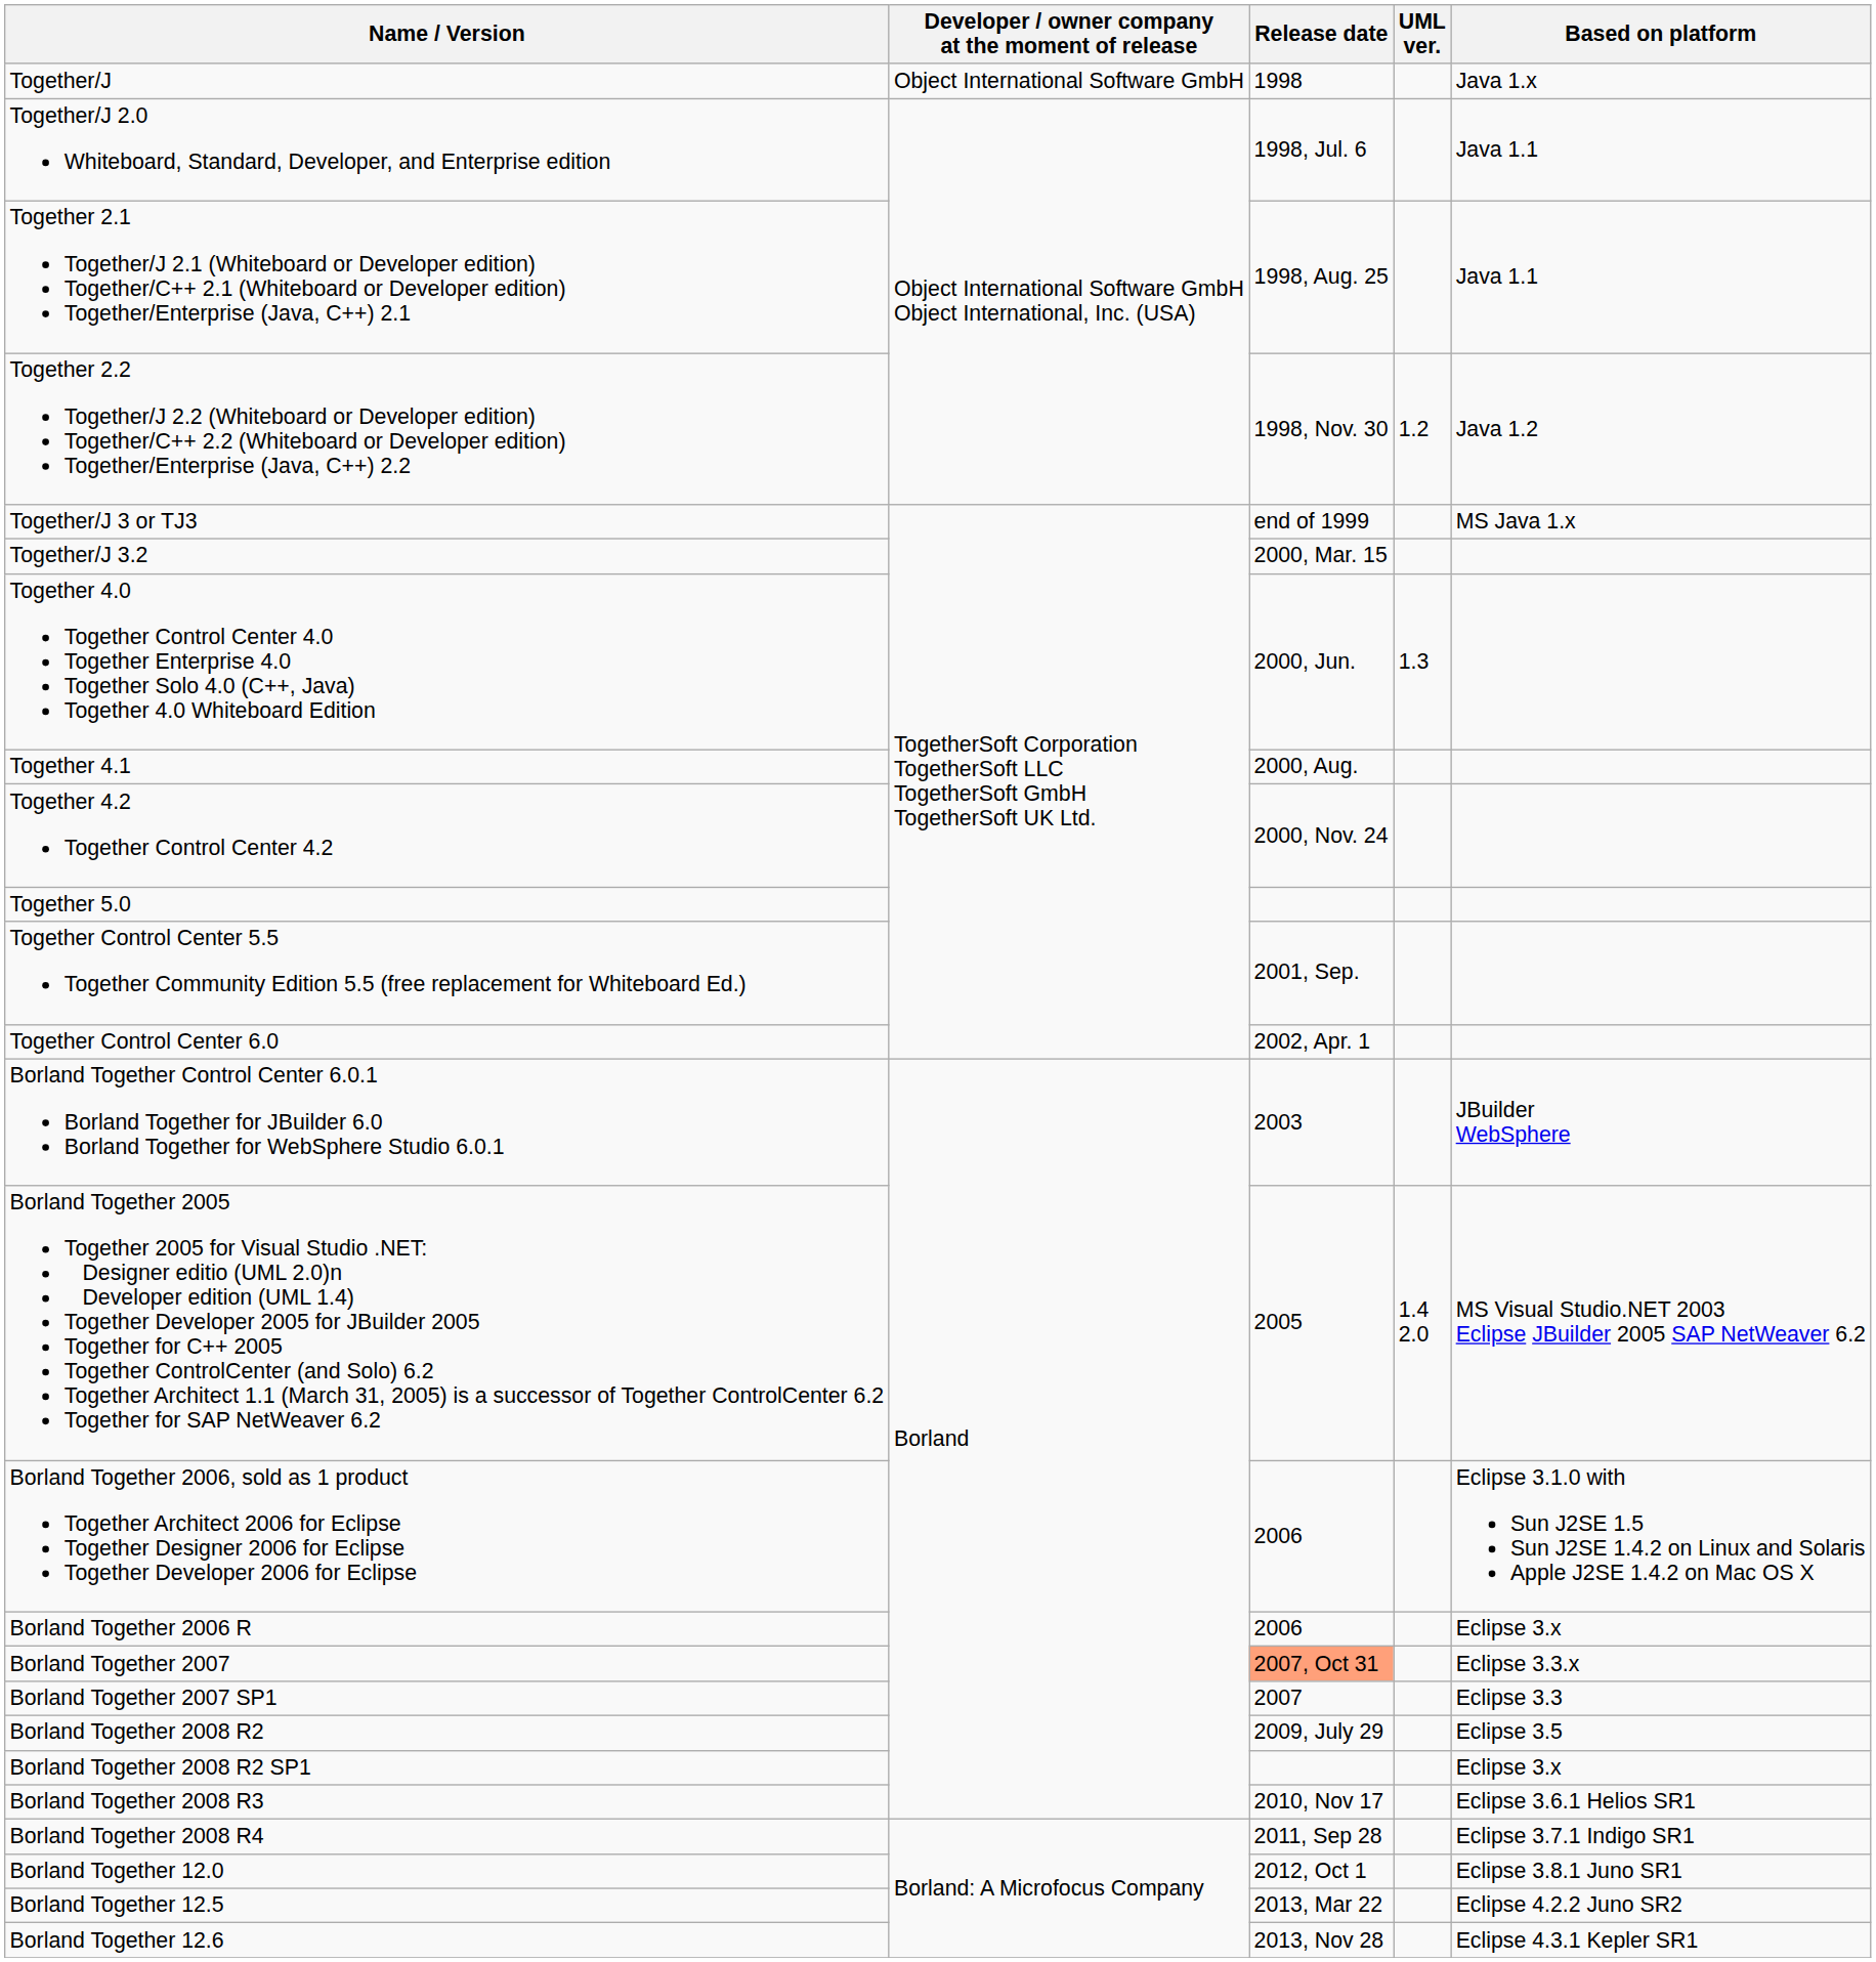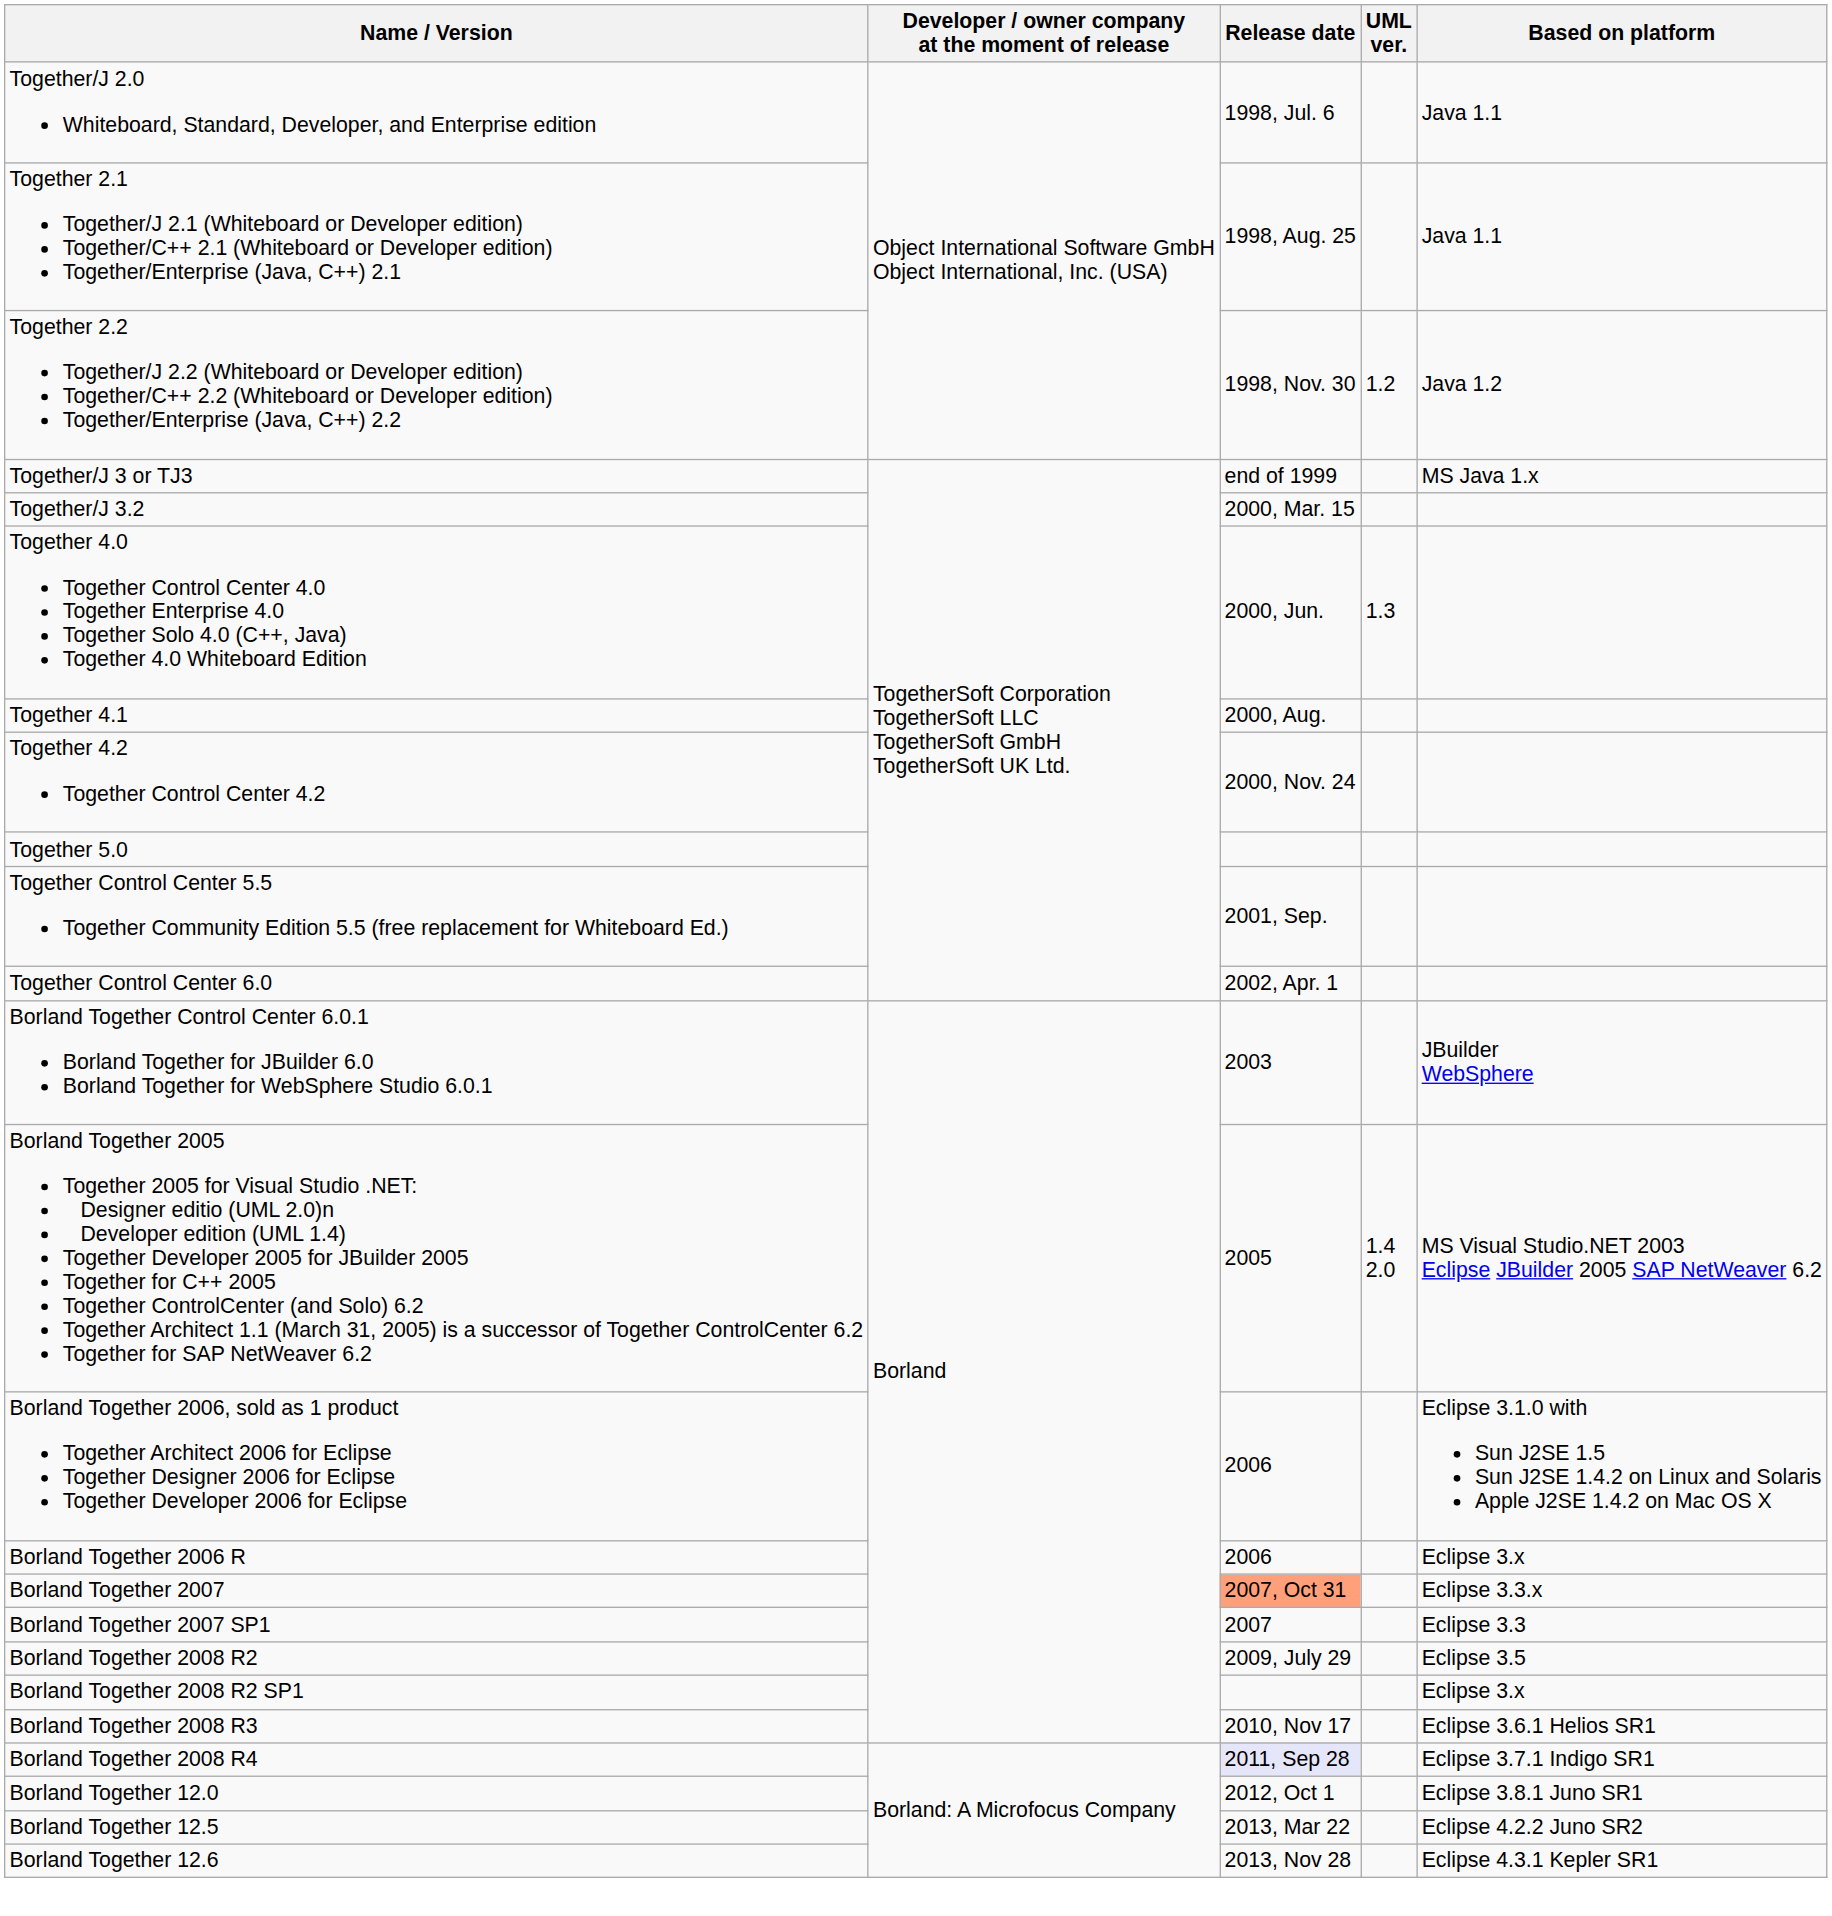 <table class="wikitable">
 <tr>
 <th>Name / Version</th>
 <th>Developer / owner company<br>at the moment of release</th>
 <th>Release date</th>
 <th>UML<br>ver.</th>
 <th>Based on platform</th>
-</tr>
-<tr>
-<td>Together/J</td>
-<td>Object International Software GmbH</td>
-<td>1998</td>
-<td></td>
-<td>Java 1.x</td>
 </tr>
 <tr>
 <td>Together/J 2.0<br><ul><li>Whiteboard, Standard, Developer, and Enterprise edition</li></ul></td>
 <td rowspan="3">Object International Software GmbH<br>Object International, Inc. (USA)</td>
 <td>1998, Jul. 6</td>
 <td></td>
 <td>Java 1.1</td>
 </tr>
 <tr>
 <td>Together 2.1<br><ul><li>Together/J 2.1 (Whiteboard or Developer edition)</li><li>Together/C++ 2.1 (Whiteboard or Developer edition)</li><li>Together/Enterprise (Java, C++) 2.1</li></ul></td>
 <td>1998, Aug. 25</td>
 <td></td>
 <td>Java 1.1</td>
 </tr>
 <tr>
 <td>Together 2.2<br><ul><li>Together/J 2.2 (Whiteboard or Developer edition)</li><li>Together/C++ 2.2 (Whiteboard or Developer edition)</li><li>Together/Enterprise (Java, C++) 2.2</li></ul></td>
 <td>1998, Nov. 30</td>
 <td>1.2</td>
 <td>Java 1.2</td>
 </tr>
 <tr>
 <td>Together/J 3 or TJ3</td>
 <td rowspan="8">TogetherSoft Corporation<br>TogetherSoft LLC<br>TogetherSoft GmbH<br>TogetherSoft UK Ltd.</td>
 <td>end of 1999</td>
 <td></td>
 <td>MS Java 1.x</td>
 </tr>
 <tr>
 <td>Together/J 3.2</td>
 <td>2000, Mar. 15</td>
 <td></td>
 <td></td>
 </tr>
 <tr>
 <td>Together 4.0<br><ul><li>Together Control Center 4.0</li><li>Together Enterprise 4.0</li><li>Together Solo 4.0 (C++, Java)</li><li>Together 4.0 Whiteboard Edition</li></ul></td>
 <td>2000, Jun.</td>
 <td>1.3</td>
 <td></td>
 </tr>
 <tr>
 <td>Together 4.1</td>
 <td>2000, Aug.</td>
 <td></td>
 <td></td>
 </tr>
 <tr>
 <td>Together 4.2<br><ul><li>Together Control Center 4.2</li></ul></td>
 <td>2000, Nov. 24</td>
 <td></td>
 <td></td>
 </tr>
 <tr>
 <td>Together 5.0</td>
 <td></td>
 <td></td>
 <td></td>
 </tr>
 <tr>
 <td>Together Control Center 5.5<br><ul><li>Together Community Edition 5.5 (free replacement for Whiteboard Ed.)</li></ul></td>
 <td>2001, Sep.</td>
 <td></td>
 <td></td>
 </tr>
 <tr>
 <td>Together Control Center 6.0</td>
 <td>2002, Apr. 1</td>
 <td></td>
 <td></td>
 </tr>
 <tr>
 <td>Borland Together Control Center 6.0.1<br><ul><li>Borland Together for JBuilder 6.0</li><li>Borland Together for WebSphere Studio 6.0.1</li></ul></td>
 <td rowspan="9">Borland</td>
 <td>2003</td>
 <td></td>
 <td>JBuilder<br><a href='#'>WebSphere</a></td>
 </tr>
 <tr>
 <td>Borland Together 2005<br><ul><li>Together 2005 for Visual Studio .NET:</li><li>   Designer editio  (UML 2.0)n</li><li>   Developer edition (UML 1.4)</li><li>Together Developer 2005 for JBuilder 2005</li><li>Together for C++ 2005</li><li>Together ControlCenter (and Solo) 6.2</li><li>Together Architect 1.1 (March 31, 2005) is a successor of Together ControlCenter 6.2</li><li>Together for SAP NetWeaver 6.2</li></ul></td>
 <td>2005</td>
 <td>1.4<br>2.0</td>
 <td>MS Visual Studio.NET 2003<br><a href='#'>Eclipse</a> <a href='#'>JBuilder</a> 2005 <a href='#'>SAP NetWeaver</a> 6.2</td>
 </tr>
 <tr>
 <td>Borland Together 2006, sold as 1 product<br><ul><li>Together Architect 2006 for Eclipse</li><li>Together Designer 2006 for Eclipse</li><li>Together Developer 2006 for Eclipse</li></ul></td>
 <td>2006</td>
 <td></td>
 <td>Eclipse 3.1.0 with<br><ul><li>Sun J2SE 1.5</li><li>Sun J2SE 1.4.2 on Linux and Solaris</li><li>Apple J2SE 1.4.2 on Mac OS X</li></ul></td>
 </tr>
 <tr>
 <td>Borland Together 2006 R</td>
 <td>2006</td>
 <td></td>
 <td>Eclipse 3.x</td>
 </tr>
 <tr>
 <td>Borland Together 2007</td>
 <td style="background: lightsalmon;">2007, Oct 31</td>
 <td></td>
 <td>Eclipse 3.3.x</td>
 </tr>
 <tr>
 <td>Borland Together 2007 SP1</td>
 <td>2007</td>
 <td></td>
 <td>Eclipse 3.3</td>
 </tr>
 <tr>
 <td>Borland Together 2008 R2</td>
 <td>2009, July 29</td>
 <td></td>
 <td>Eclipse 3.5</td>
 </tr>
 <tr>
 <td>Borland Together 2008 R2 SP1</td>
 <td></td>
 <td></td>
 <td>Eclipse 3.x</td>
 </tr>
 <tr>
 <td>Borland Together 2008 R3</td>
 <td>2010, Nov 17</td>
 <td></td>
 <td>Eclipse 3.6.1 Helios SR1</td>
 </tr>
 <tr>
 <td>Borland Together 2008 R4</td>
 <td rowspan="4">Borland: A Microfocus Company</td>
-<td>2011, Sep 28</td>
+<td style="background: lavender;">2011, Sep 28</td>
 <td></td>
 <td>Eclipse 3.7.1 Indigo SR1</td>
 </tr>
 <tr>
 <td>Borland Together 12.0</td>
 <td>2012, Oct 1</td>
 <td></td>
 <td>Eclipse 3.8.1 Juno SR1</td>
 </tr>
 <tr>
 <td>Borland Together 12.5</td>
 <td>2013, Mar 22</td>
 <td></td>
 <td>Eclipse 4.2.2 Juno SR2</td>
 </tr>
 <tr>
 <td>Borland Together 12.6</td>
 <td>2013, Nov 28</td>
 <td></td>
 <td>Eclipse 4.3.1 Kepler SR1</td>
 </tr>
 </table>
